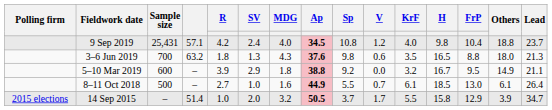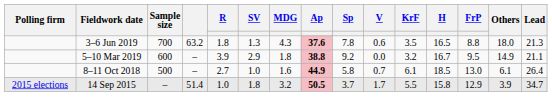 <table class="wikitable sortable" style="text-align:center;font-size:90%;line-height:14px;">
 <tr style="height:40px;">
 <th style="width:100px;" rowspan="2">Polling firm</th>
 <th style="width:100px;" rowspan="2">Fieldwork date</th>
 <th style="width:35px;" rowspan="2">Sample<br>size</th>
 <th style="width:30px;" rowspan="2"></th>
 <th class="unsortable" style="width:40px;"><a href='#'>R</a></th>
 <th class="unsortable" style="width:40px;"><a href='#'>SV</a></th>
 <th class="unsortable" style="width:40px;"><a href='#'>MDG</a></th>
 <th class="unsortable" style="width:40px;"><a href='#'>Ap</a></th>
 <th class="unsortable" style="width:40px;"><a href='#'>Sp</a></th>
 <th class="unsortable" style="width:40px;"><a href='#'>V</a></th>
 <th class="unsortable" style="width:40px;"><a href='#'>KrF</a></th>
 <th class="unsortable" style="width:40px;"><a href='#'>H</a></th>
 <th class="unsortable" style="width:40px;"><a href='#'>FrP</a></th>
 <th class="unsortable" style="width:30px;" rowspan="2">Others</th>
 <th style="width:30px;" rowspan="2">Lead</th>
 </tr>
 <tr>
 <th style="background:"></th>
 <th style="background:"></th>
 <th style="background:"></th>
 <th style="background:"></th>
 <th style="background:"></th>
 <th style="background:"></th>
 <th style="background:"></th>
 <th style="background:"></th>
 <th style="background:"></th>
 </tr>
-<tr style="background:#E9E9E9;">
-<td></td>
-<td data-sort-value="2019-09-09">9 Sep 2019</td>
-<td>25,431</td>
-<td>57.1</td>
-<td>4.2</td>
-<td>2.4</td>
-<td>4.0</td>
-<td style="background:#F7BDC5;"><strong>34.5</strong></td>
-<td>10.8</td>
-<td>1.2</td>
-<td>4.0</td>
-<td>9.8</td>
-<td>10.4</td>
-<td>18.8</td>
-<td style="background:">23.7</td>
-</tr>
 <tr>
 <td></td>
 <td data-sort-value="2019-06-06">3–6 Jun 2019</td>
 <td>700</td>
 <td>63.2</td>
 <td>1.8</td>
 <td>1.3</td>
 <td>4.3</td>
 <td style="background:#F7BDC5;"><strong>37.6</strong></td>
-<td>9.8</td>
+<td>7.8</td>
 <td>0.6</td>
 <td>3.5</td>
 <td>16.5</td>
 <td>8.8</td>
 <td>18.0</td>
 <td style="background:">21.3</td>
 </tr>
 <tr>
 <td></td>
 <td data-sort-value="2019-03-10">5–10 Mar 2019</td>
 <td>600</td>
 <td>–</td>
 <td>3.9</td>
 <td>2.9</td>
 <td>1.8</td>
 <td style="background:#F7BDC5;"><strong>38.8</strong></td>
 <td>9.2</td>
 <td>0.0</td>
 <td>3.2</td>
 <td>16.7</td>
 <td>9.5</td>
 <td>14.9</td>
 <td style="background:">21.1</td>
 </tr>
 <tr>
 <td></td>
 <td data-sort-value="2018-10-11">8–11 Oct 2018</td>
 <td>500</td>
 <td>–</td>
 <td>2.7</td>
 <td>1.0</td>
 <td>1.6</td>
 <td style="background:#F7BDC5;"><strong>44.9</strong></td>
-<td>5.5</td>
+<td>5.8</td>
 <td>0.7</td>
 <td>6.1</td>
 <td>18.5</td>
 <td>13.0</td>
 <td>6.1</td>
 <td style="background:">26.4</td>
 </tr>
 <tr style="background:#E9E9E9;">
 <td><a href='#'>2015 elections</a></td>
 <td data-sort-value="2015-09-14">14 Sep 2015</td>
 <td>–</td>
 <td>51.4</td>
 <td>1.0</td>
-<td>2.0</td>
+<td>1.8</td>
 <td>3.2</td>
 <td style="background:#F7BDC5;"><strong>50.5</strong></td>
 <td>3.7</td>
 <td>1.7</td>
 <td>5.5</td>
 <td>15.8</td>
 <td>12.9</td>
 <td>3.9</td>
 <td style="background:">34.7</td>
 </tr>
 </table>
